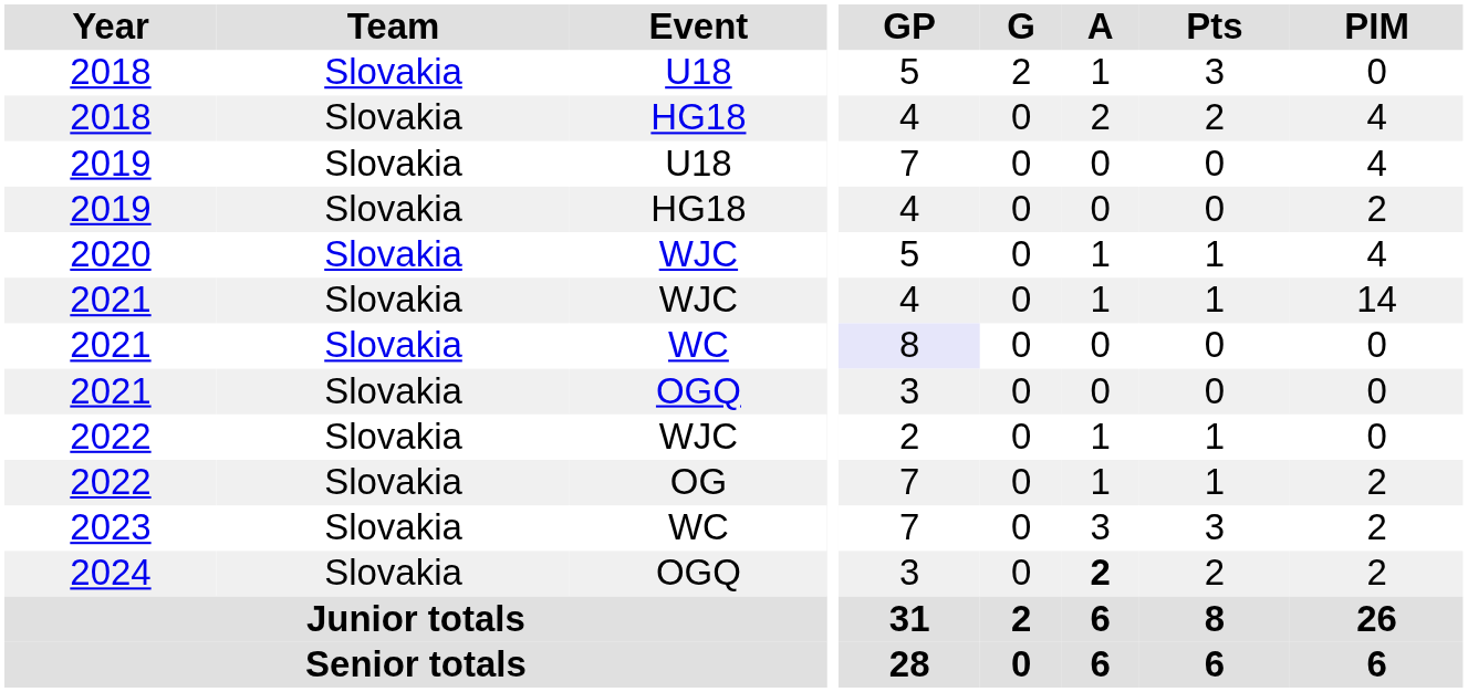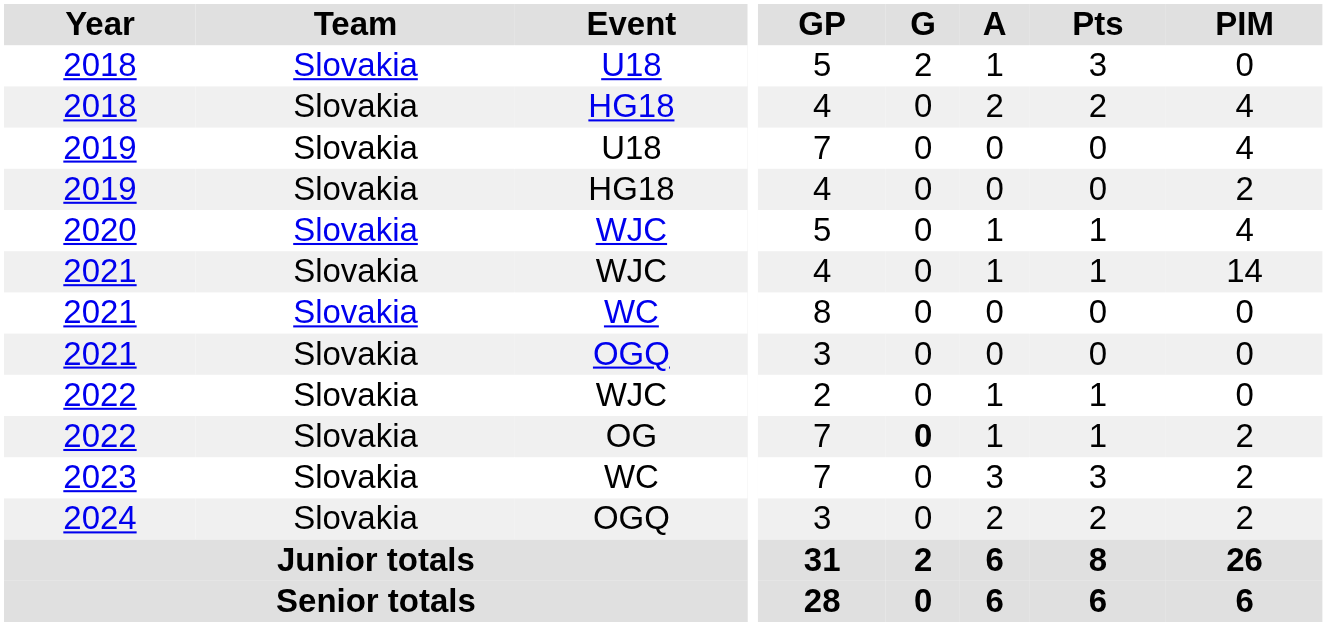 <table border="0" cellpadding="1" cellspacing="0" ID="Table3" style="text-align:center; width:40em">
 <tr bgcolor="#e0e0e0">
 <th>Year</th>
 <th>Team</th>
 <th>Event</th>
 <th rowspan="103" bgcolor="#ffffff"></th>
 <th>GP</th>
 <th>G</th>
 <th>A</th>
 <th>Pts</th>
 <th>PIM</th>
 </tr>
 <tr>
 <td><a href='#'>2018</a></td>
 <td><a href='#'>Slovakia</a></td>
 <td><a href='#'>U18</a></td>
 <td>5</td>
 <td>2</td>
 <td>1</td>
 <td>3</td>
 <td>0</td>
 </tr>
 <tr bgcolor="#f0f0f0">
 <td><a href='#'>2018</a></td>
 <td>Slovakia</td>
 <td><a href='#'>HG18</a></td>
 <td>4</td>
 <td>0</td>
 <td>2</td>
 <td>2</td>
 <td>4</td>
 </tr>
 <tr>
 <td><a href='#'>2019</a></td>
 <td>Slovakia</td>
 <td>U18</td>
 <td>7</td>
 <td>0</td>
 <td>0</td>
 <td>0</td>
 <td>4</td>
 </tr>
 <tr bgcolor="#f0f0f0">
 <td><a href='#'>2019</a></td>
 <td>Slovakia</td>
 <td>HG18</td>
 <td>4</td>
 <td>0</td>
 <td>0</td>
 <td>0</td>
 <td>2</td>
 </tr>
 <tr>
 <td><a href='#'>2020</a></td>
 <td><a href='#'>Slovakia</a></td>
 <td><a href='#'>WJC</a></td>
 <td>5</td>
 <td>0</td>
 <td>1</td>
 <td>1</td>
 <td>4</td>
 </tr>
 <tr bgcolor="#f0f0f0">
 <td><a href='#'>2021</a></td>
 <td>Slovakia</td>
 <td>WJC</td>
 <td>4</td>
 <td>0</td>
 <td>1</td>
 <td>1</td>
 <td>14</td>
 </tr>
 <tr>
 <td><a href='#'>2021</a></td>
 <td><a href='#'>Slovakia</a></td>
 <td><a href='#'>WC</a></td>
-<td style="background: lavender;">8</td>
+<td>8</td>
 <td>0</td>
 <td>0</td>
 <td>0</td>
 <td>0</td>
 </tr>
 <tr bgcolor="#f0f0f0">
 <td><a href='#'>2021</a></td>
 <td>Slovakia</td>
 <td><a href='#'>OGQ</a></td>
 <td>3</td>
 <td>0</td>
 <td>0</td>
 <td>0</td>
 <td>0</td>
 </tr>
 <tr>
 <td><a href='#'>2022</a></td>
 <td>Slovakia</td>
 <td>WJC</td>
 <td>2</td>
 <td>0</td>
 <td>1</td>
 <td>1</td>
 <td>0</td>
 </tr>
 <tr bgcolor="#f0f0f0">
 <td><a href='#'>2022</a></td>
 <td>Slovakia</td>
 <td>OG</td>
 <td>7</td>
-<td>0</td>
+<td><strong>0</strong></td>
 <td>1</td>
 <td>1</td>
 <td>2</td>
 </tr>
 <tr>
 <td><a href='#'>2023</a></td>
 <td>Slovakia</td>
 <td>WC</td>
 <td>7</td>
 <td>0</td>
 <td>3</td>
 <td>3</td>
 <td>2</td>
 </tr>
 <tr bgcolor="#f0f0f0">
 <td><a href='#'>2024</a></td>
 <td>Slovakia</td>
 <td>OGQ</td>
 <td>3</td>
 <td>0</td>
-<td><strong>2</strong></td>
+<td>2</td>
 <td>2</td>
 <td>2</td>
 </tr>
 <tr bgcolor="#e0e0e0">
 <th colspan="3">Junior totals</th>
 <th>31</th>
 <th>2</th>
 <th>6</th>
 <th>8</th>
 <th>26</th>
 </tr>
 <tr bgcolor="#e0e0e0">
 <th colspan="3">Senior totals</th>
 <th>28</th>
 <th>0</th>
 <th>6</th>
 <th>6</th>
 <th>6</th>
 </tr>
 </table>
